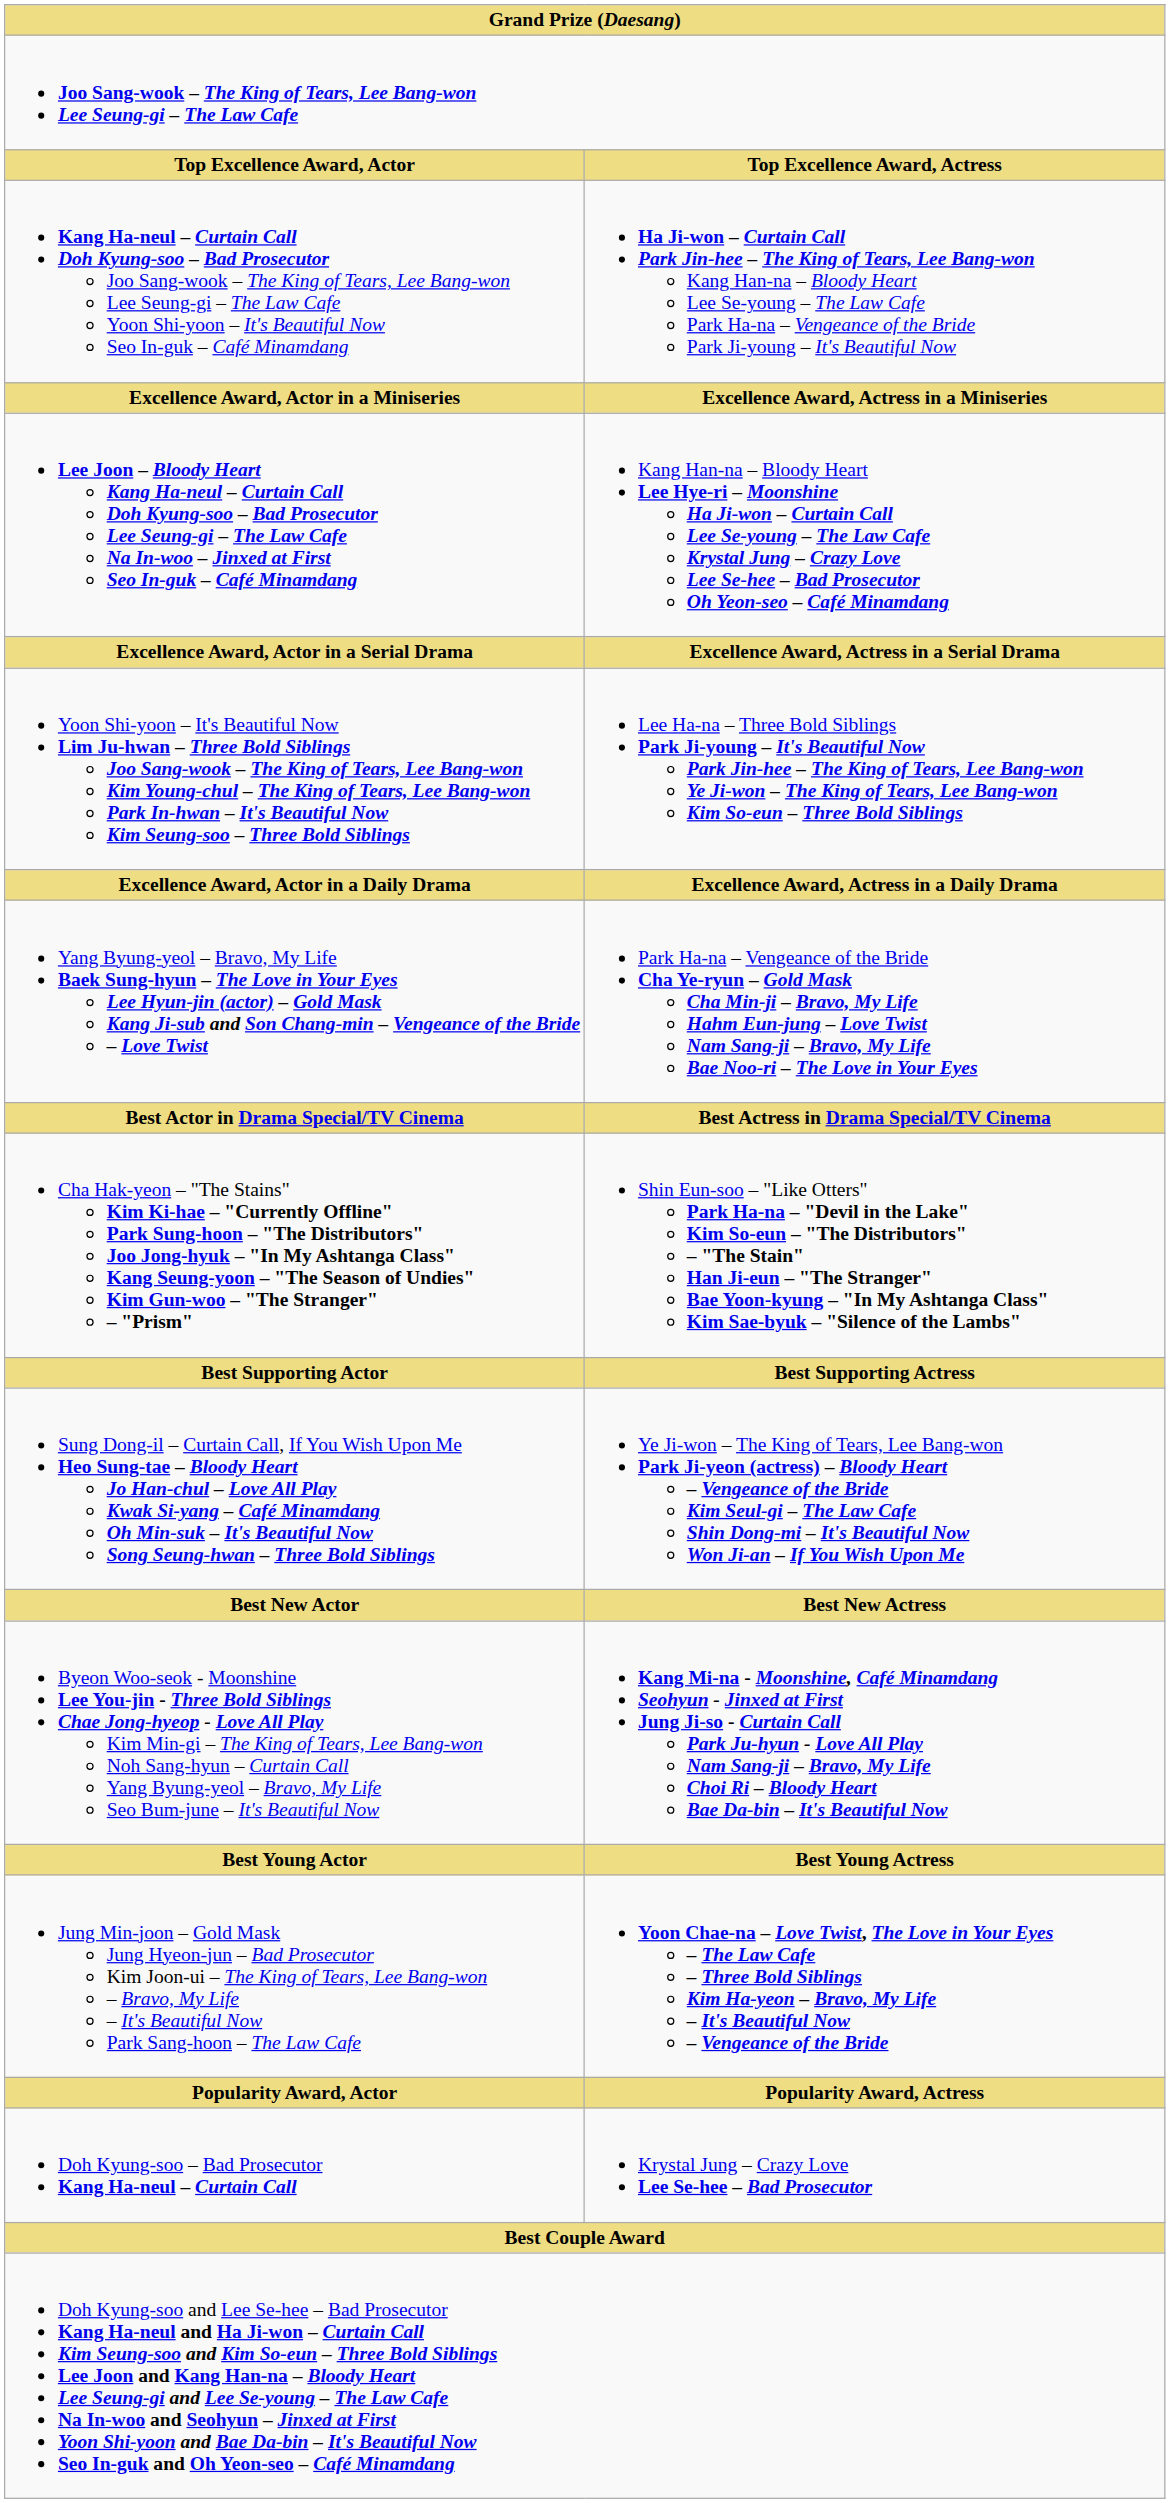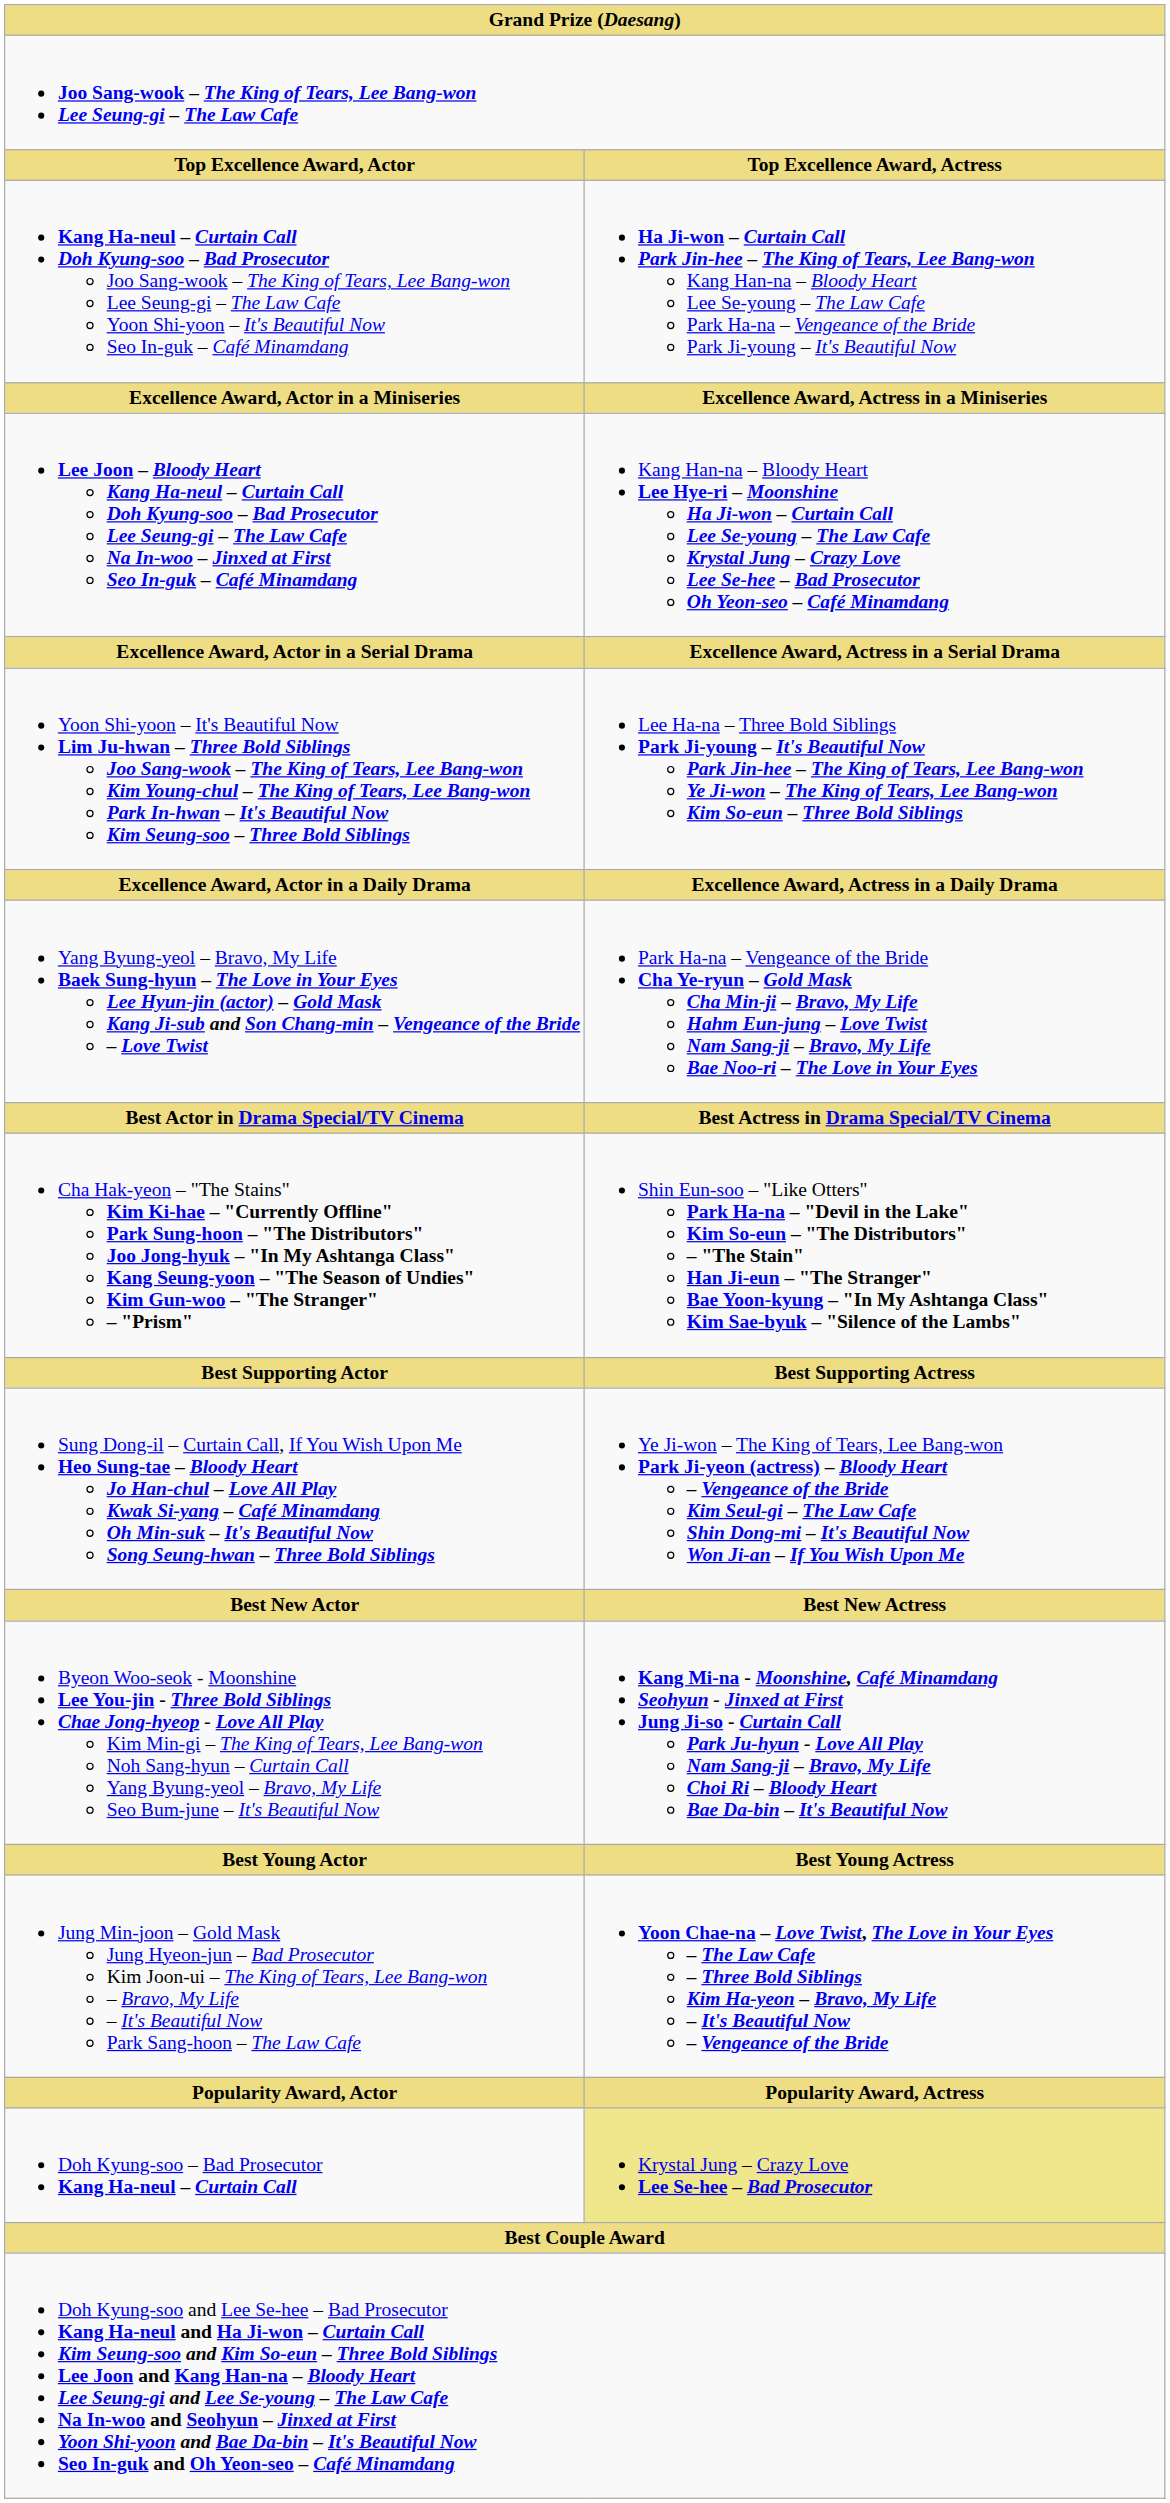 <table role="presentation" class="wikitable">
 <tr>
 <th scope="col" colspan="2" style="background:#eedd82; width:100%">Grand Prize (<em>Daesang</em>)</th>
 </tr>
 <tr>
 <td colspan="2" style="vertical-align:top"><br><ul><li><strong><a href='#'>Joo Sang-wook</a> – <em><a href='#'>The King of Tears, Lee Bang-won</a><strong><em></li><li></strong><a href='#'>Lee Seung-gi</a> – </em><a href='#'>The Law Cafe</a></em></strong></li></ul></td>
 </tr>
 <tr>
 <th scope="col" style="background:#eedd82; width:50%">Top Excellence Award, Actor</th>
 <th scope="col" style="background:#eedd82; width:50%">Top Excellence Award, Actress</th>
 </tr>
 <tr>
 <td style="vertical-align:top"><br><ul><li><strong><a href='#'>Kang Ha-neul</a> – <em><a href='#'>Curtain Call</a><strong><em></li><li></strong><a href='#'>Doh Kyung-soo</a> – </em><a href='#'>Bad Prosecutor</a></em></strong><ul><li><a href='#'>Joo Sang-wook</a> – <em><a href='#'>The King of Tears, Lee Bang-won</a></em></li><li><a href='#'>Lee Seung-gi</a> – <em><a href='#'>The Law Cafe</a></em></li><li><a href='#'>Yoon Shi-yoon</a> – <em><a href='#'>It's Beautiful Now</a></em></li><li><a href='#'>Seo In-guk</a> – <em><a href='#'>Café Minamdang</a></em></li></ul></li></ul></td>
 <td style="vertical-align:top"><br><ul><li><strong><a href='#'>Ha Ji-won</a> – <em><a href='#'>Curtain Call</a><strong><em></li><li></strong><a href='#'>Park Jin-hee</a> – </em><a href='#'>The King of Tears, Lee Bang-won</a></em></strong><ul><li><a href='#'>Kang Han-na</a> – <em><a href='#'>Bloody Heart</a></em></li><li><a href='#'>Lee Se-young</a> – <em><a href='#'>The Law Cafe</a></em></li><li><a href='#'>Park Ha-na</a> – <em><a href='#'>Vengeance of the Bride</a></em></li><li><a href='#'>Park Ji-young</a> – <em><a href='#'>It's Beautiful Now</a></em></li></ul></li></ul></td>
 </tr>
 <tr>
 <th scope="col" style="background:#eedd82; width:50%">Excellence Award, Actor in a Miniseries</th>
 <th scope="col" style="background:#eedd82; width:50%">Excellence Award, Actress in a Miniseries</th>
 </tr>
 <tr>
 <td style="vertical-align:top"><br><ul><li><strong><a href='#'>Lee Joon</a> – <em><a href='#'>Bloody Heart</a><strong><em><ul><li><a href='#'>Kang Ha-neul</a> – </em><a href='#'>Curtain Call</a><em></li><li><a href='#'>Doh Kyung-soo</a> – </em><a href='#'>Bad Prosecutor</a><em></li><li><a href='#'>Lee Seung-gi</a> – </em><a href='#'>The Law Cafe</a><em></li><li><a href='#'>Na In-woo</a> – </em><a href='#'>Jinxed at First</a><em></li><li><a href='#'>Seo In-guk</a> – </em><a href='#'>Café Minamdang</a><em></li></ul></li></ul></td>
 <td style="vertical-align:top"><br><ul><li></strong><a href='#'>Kang Han-na</a> – </em><a href='#'>Bloody Heart</a></em></strong></li><li><strong><a href='#'>Lee Hye-ri</a> – <em><a href='#'>Moonshine</a><strong><em><ul><li><a href='#'>Ha Ji-won</a> – </em><a href='#'>Curtain Call</a><em></li><li><a href='#'>Lee Se-young</a> – </em><a href='#'>The Law Cafe</a><em></li><li><a href='#'>Krystal Jung</a> – </em><a href='#'>Crazy Love</a><em></li><li><a href='#'>Lee Se-hee</a> – </em><a href='#'>Bad Prosecutor</a><em></li><li><a href='#'>Oh Yeon-seo</a> – </em><a href='#'>Café Minamdang</a><em></li></ul></li></ul></td>
 </tr>
 <tr>
 <th scope="col" style="background:#eedd82; width:50%">Excellence Award, Actor in a Serial Drama</th>
 <th scope="col" style="background:#eedd82; width:50%">Excellence Award, Actress in a Serial Drama</th>
 </tr>
 <tr>
 <td style="vertical-align:top"><br><ul><li></strong><a href='#'>Yoon Shi-yoon</a> – </em><a href='#'>It's Beautiful Now</a></em></strong></li><li><strong><a href='#'>Lim Ju-hwan</a> – <em><a href='#'>Three Bold Siblings</a><strong><em><ul><li><a href='#'>Joo Sang-wook</a> – </em><a href='#'>The King of Tears, Lee Bang-won</a><em></li><li><a href='#'>Kim Young-chul</a> – </em><a href='#'>The King of Tears, Lee Bang-won</a><em></li><li><a href='#'>Park In-hwan</a> – </em><a href='#'>It's Beautiful Now</a><em></li><li><a href='#'>Kim Seung-soo</a> – </em><a href='#'>Three Bold Siblings</a><em></li></ul></li></ul></td>
 <td style="vertical-align:top"><br><ul><li></strong><a href='#'>Lee Ha-na</a> – </em><a href='#'>Three Bold Siblings</a></em></strong></li><li><strong><a href='#'>Park Ji-young</a> – <em><a href='#'>It's Beautiful Now</a><strong><em><ul><li><a href='#'>Park Jin-hee</a> – </em><a href='#'>The King of Tears, Lee Bang-won</a><em></li><li><a href='#'>Ye Ji-won</a> – </em><a href='#'>The King of Tears, Lee Bang-won</a><em></li><li><a href='#'>Kim So-eun</a> – </em><a href='#'>Three Bold Siblings</a><em></li></ul></li></ul></td>
 </tr>
 <tr>
 <th scope="col" style="background:#eedd82; width:50%">Excellence Award, Actor in a Daily Drama</th>
 <th scope="col" style="background:#eedd82; width:50%">Excellence Award, Actress in a Daily Drama</th>
 </tr>
 <tr>
 <td style="vertical-align:top"><br><ul><li></strong><a href='#'>Yang Byung-yeol</a> – </em><a href='#'>Bravo, My Life</a></em></strong></li><li><strong><a href='#'>Baek Sung-hyun</a> – <em><a href='#'>The Love in Your Eyes</a><strong><em><ul><li><a href='#'>Lee Hyun-jin (actor)</a> – </em><a href='#'>Gold Mask</a><em></li><li><a href='#'>Kang Ji-sub</a> and <a href='#'>Son Chang-min</a> – </em><a href='#'>Vengeance of the Bride</a><em></li><li> – </em><a href='#'>Love Twist</a><em></li></ul></li></ul></td>
 <td style="vertical-align:top"><br><ul><li></strong><a href='#'>Park Ha-na</a> – </em><a href='#'>Vengeance of the Bride</a></em></strong></li><li><strong><a href='#'>Cha Ye-ryun</a> – <em><a href='#'>Gold Mask</a><strong><em><ul><li><a href='#'>Cha Min-ji</a> – </em><a href='#'>Bravo, My Life</a><em></li><li><a href='#'>Hahm Eun-jung</a> – </em><a href='#'>Love Twist</a><em></li><li><a href='#'>Nam Sang-ji</a> – </em><a href='#'>Bravo, My Life</a><em></li><li><a href='#'>Bae Noo-ri</a> – </em><a href='#'>The Love in Your Eyes</a><em></li></ul></li></ul></td>
 </tr>
 <tr>
 <th scope="col" style="background:#eedd82">Best Actor in </em><a href='#'>Drama Special/TV Cinema</a><em></th>
 <th scope="col" style="background:#eedd82">Best Actress in </em><a href='#'>Drama Special/TV Cinema</a><em></th>
 </tr>
 <tr>
 <td style="vertical-align:top"><br><ul><li></strong><a href='#'>Cha Hak-yeon</a> – "The Stains"<strong><ul><li><a href='#'>Kim Ki-hae</a> – "Currently Offline"</li><li><a href='#'>Park Sung-hoon</a> – "The Distributors"</li><li><a href='#'>Joo Jong-hyuk</a> – "In My Ashtanga Class"</li><li><a href='#'>Kang Seung-yoon</a> – "The Season of Undies"</li><li><a href='#'>Kim Gun-woo</a> – "The Stranger"</li><li> – "Prism"</li></ul></li></ul></td>
 <td style="vertical-align:top"><br><ul><li></strong><a href='#'>Shin Eun-soo</a> – "Like Otters"<strong><ul><li><a href='#'>Park Ha-na</a> – "Devil in the Lake"</li><li><a href='#'>Kim So-eun</a> – "The Distributors"</li><li> – "The Stain"</li><li><a href='#'>Han Ji-eun</a> – "The Stranger"</li><li><a href='#'>Bae Yoon-kyung</a> – "In My Ashtanga Class"</li><li><a href='#'>Kim Sae-byuk</a> – "Silence of the Lambs"</li></ul></li></ul></td>
 </tr>
 <tr>
 <th scope="col" style="background:#eedd82; width:50%">Best Supporting Actor</th>
 <th scope="col" style="background:#eedd82; width:50%">Best Supporting Actress</th>
 </tr>
 <tr>
 <td style="vertical-align:top"><br><ul><li></strong><a href='#'>Sung Dong-il</a> – </em><a href='#'>Curtain Call</a>, <a href='#'>If You Wish Upon Me</a></em></strong></li><li><strong><a href='#'>Heo Sung-tae</a> – <em><a href='#'>Bloody Heart</a><strong><em><ul><li><a href='#'>Jo Han-chul</a> – </em><a href='#'>Love All Play</a><em></li><li><a href='#'>Kwak Si-yang</a> – </em><a href='#'>Café Minamdang</a><em></li><li><a href='#'>Oh Min-suk</a> – </em><a href='#'>It's Beautiful Now</a><em></li><li><a href='#'>Song Seung-hwan</a> – </em><a href='#'>Three Bold Siblings</a><em></li></ul></li></ul></td>
 <td style="vertical-align:top"><br><ul><li></strong><a href='#'>Ye Ji-won</a> – </em><a href='#'>The King of Tears, Lee Bang-won</a></em></strong></li><li><strong><a href='#'>Park Ji-yeon (actress)</a> – <em><a href='#'>Bloody Heart</a><strong><em><ul><li> – </em><a href='#'>Vengeance of the Bride</a><em></li><li><a href='#'>Kim Seul-gi</a> – </em><a href='#'>The Law Cafe</a><em></li><li><a href='#'>Shin Dong-mi</a> – </em><a href='#'>It's Beautiful Now</a><em></li><li><a href='#'>Won Ji-an</a> – </em><a href='#'>If You Wish Upon Me</a><em></li></ul></li></ul></td>
 </tr>
 <tr>
 <th scope="col" style="background:#eedd82">Best New Actor</th>
 <th scope="col" style="background:#eedd82">Best New Actress</th>
 </tr>
 <tr>
 <td style="vertical-align:top"><br><ul><li></strong><a href='#'>Byeon Woo-seok</a> - </em><a href='#'>Moonshine</a></em></strong></li><li><strong><a href='#'>Lee You-jin</a> - <em><a href='#'>Three Bold Siblings</a><strong><em></li><li></strong><a href='#'>Chae Jong-hyeop</a> - </em><a href='#'>Love All Play</a></em></strong><ul><li><a href='#'>Kim Min-gi</a> – <em><a href='#'>The King of Tears, Lee Bang-won</a></em></li><li><a href='#'>Noh Sang-hyun</a> – <em><a href='#'>Curtain Call</a></em></li><li><a href='#'>Yang Byung-yeol</a> – <em><a href='#'>Bravo, My Life</a></em></li><li><a href='#'>Seo Bum-june</a> – <em><a href='#'>It's Beautiful Now</a></em></li></ul></li></ul></td>
 <td style="vertical-align:top"><br><ul><li><strong><a href='#'>Kang Mi-na</a> - <em><a href='#'>Moonshine</a><strong><em>, </em><a href='#'>Café Minamdang</a><em></li><li></strong><a href='#'>Seohyun</a> - </em><a href='#'>Jinxed at First</a></em></strong></li><li><strong><a href='#'>Jung Ji-so</a> - <em><a href='#'>Curtain Call</a><strong><em><ul><li><a href='#'>Park Ju-hyun</a> - </em><a href='#'>Love All Play</a><em></li><li><a href='#'>Nam Sang-ji</a> – </em><a href='#'>Bravo, My Life</a><em></li><li><a href='#'>Choi Ri</a> – </em><a href='#'>Bloody Heart</a><em></li><li><a href='#'>Bae Da-bin</a> – </em><a href='#'>It's Beautiful Now</a><em></li></ul></li></ul></td>
 </tr>
 <tr>
 <th scope="col" style="background:#eedd82">Best Young Actor</th>
 <th scope="col" style="background:#eedd82">Best Young Actress</th>
 </tr>
 <tr>
 <td style="vertical-align:top"><br><ul><li></strong><a href='#'>Jung Min-joon</a> – </em><a href='#'>Gold Mask</a></em></strong><ul><li><a href='#'>Jung Hyeon-jun</a> – <em><a href='#'>Bad Prosecutor</a></em></li><li>Kim Joon-ui – <em><a href='#'>The King of Tears, Lee Bang-won</a></em></li><li> – <em><a href='#'>Bravo, My Life</a></em></li><li> – <em><a href='#'>It's Beautiful Now</a></em></li><li><a href='#'>Park Sang-hoon</a> – <em><a href='#'>The Law Cafe</a></em></li></ul></li></ul></td>
 <td style="vertical-align:top"><br><ul><li><strong><a href='#'>Yoon Chae-na</a> – <em><a href='#'>Love Twist</a></em>, <em><a href='#'>The Love in Your Eyes</a><strong><em><ul><li> – </em><a href='#'>The Law Cafe</a><em></li><li> – </em><a href='#'>Three Bold Siblings</a><em></li><li><a href='#'>Kim Ha-yeon</a> – </em><a href='#'>Bravo, My Life</a><em></li><li> – </em><a href='#'>It's Beautiful Now</a><em></li><li> – </em><a href='#'>Vengeance of the Bride</a><em></li></ul></li></ul></td>
 </tr>
 <tr>
 <th scope="col" style="background:#eedd82; width:50%">Popularity Award, Actor</th>
 <th scope="col" style="background:#eedd82; width:50%">Popularity Award, Actress</th>
 </tr>
 <tr>
 <td style="vertical-align:top"><br><ul><li></strong><a href='#'>Doh Kyung-soo</a> – </em><a href='#'>Bad Prosecutor</a></em></strong></li><li><strong><a href='#'>Kang Ha-neul</a> – <em><a href='#'>Curtain Call</a><strong><em></li></ul></td>
-<td style="vertical-align:top"><br><ul><li></strong><a href='#'>Krystal Jung</a> – </em><a href='#'>Crazy Love</a></em></strong></li><li><strong><a href='#'>Lee Se-hee</a> – <em><a href='#'>Bad Prosecutor</a><strong><em></li></ul></td>
+<td style="background: khaki; vertical-align:top"><br><ul><li></strong><a href='#'>Krystal Jung</a> – </em><a href='#'>Crazy Love</a></em></strong></li><li><strong><a href='#'>Lee Se-hee</a> – <em><a href='#'>Bad Prosecutor</a><strong><em></li></ul></td>
 </tr>
 <tr>
 <th scope="col" colspan="2" style="background:#eedd82">Best Couple Award</th>
 </tr>
 <tr>
 <td colspan="2"><br><ul><li></strong><a href='#'>Doh Kyung-soo</a> and <a href='#'>Lee Se-hee</a> – </em><a href='#'>Bad Prosecutor</a></em></strong></li><li><strong><a href='#'>Kang Ha-neul</a> and <a href='#'>Ha Ji-won</a> – <em><a href='#'>Curtain Call</a><strong><em></li><li></strong><a href='#'>Kim Seung-soo</a> and <a href='#'>Kim So-eun</a> – </em><a href='#'>Three Bold Siblings</a></em></strong></li><li><strong><a href='#'>Lee Joon</a> and <a href='#'>Kang Han-na</a> – <em><a href='#'>Bloody Heart</a><strong><em></li><li></strong><a href='#'>Lee Seung-gi</a> and <a href='#'>Lee Se-young</a> – </em><a href='#'>The Law Cafe</a></em></strong></li><li><strong><a href='#'>Na In-woo</a> and <a href='#'>Seohyun</a> – <em><a href='#'>Jinxed at First</a><strong><em></li><li></strong><a href='#'>Yoon Shi-yoon</a> and <a href='#'>Bae Da-bin</a> – </em><a href='#'>It's Beautiful Now</a></em></strong></li><li><strong><a href='#'>Seo In-guk</a> and <a href='#'>Oh Yeon-seo</a> – <em><a href='#'>Café Minamdang</a><strong><em></li></ul></td>
 </tr>
 </table>
